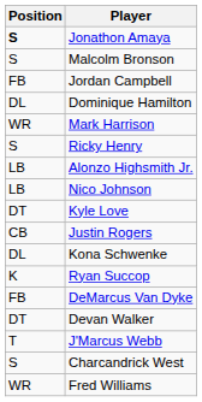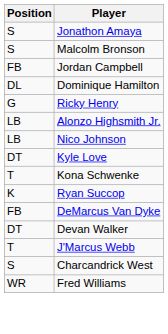 <table class="wikitable sortable">
 <tr>
 <th>Position</th>
 <th>Player</th>
 </tr>
 <tr>
-<td><strong>S</strong></td>
+<td>S</td>
 <td><a href='#'>Jonathon Amaya</a></td>
 </tr>
 <tr>
 <td>S</td>
 <td>Malcolm Bronson</td>
 </tr>
 <tr>
 <td>FB</td>
 <td>Jordan Campbell</td>
 </tr>
 <tr>
 <td>DL</td>
 <td>Dominique Hamilton</td>
 </tr>
 <tr>
-<td>WR</td>
-<td><a href='#'>Mark Harrison</a></td>
-</tr>
-<tr>
-<td>S</td>
+<td>G</td>
 <td><a href='#'>Ricky Henry</a></td>
 </tr>
 <tr>
 <td>LB</td>
 <td><a href='#'>Alonzo Highsmith Jr.</a></td>
 </tr>
 <tr>
 <td>LB</td>
 <td><a href='#'>Nico Johnson</a></td>
 </tr>
 <tr>
 <td>DT</td>
 <td><a href='#'>Kyle Love</a></td>
 </tr>
 <tr>
-<td>CB</td>
-<td><a href='#'>Justin Rogers</a></td>
-</tr>
-<tr>
-<td>DL</td>
+<td>T</td>
 <td>Kona Schwenke</td>
 </tr>
 <tr>
 <td>K</td>
 <td><a href='#'>Ryan Succop</a></td>
 </tr>
 <tr>
 <td>FB</td>
 <td><a href='#'>DeMarcus Van Dyke</a></td>
 </tr>
 <tr>
 <td>DT</td>
 <td>Devan Walker</td>
 </tr>
 <tr>
 <td>T</td>
 <td><a href='#'>J'Marcus Webb</a></td>
 </tr>
 <tr>
 <td>S</td>
 <td>Charcandrick West</td>
 </tr>
 <tr>
 <td>WR</td>
 <td>Fred Williams</td>
 </tr>
 </table>
